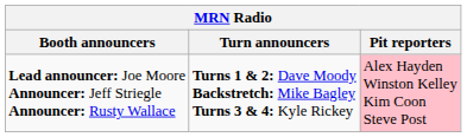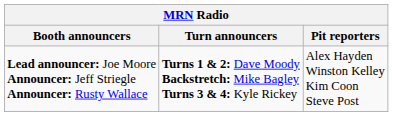 <table class="wikitable" style="font-size: 95%">
 <tr>
 <th colspan="3"><a href='#'>MRN</a> Radio</th>
 </tr>
 <tr>
 <th>Booth announcers</th>
 <th>Turn announcers</th>
 <th>Pit reporters</th>
 </tr>
 <tr>
 <td><strong>Lead announcer:</strong> Joe Moore<br><strong>Announcer:</strong> Jeff Striegle<br><strong>Announcer:</strong> <a href='#'>Rusty Wallace</a></td>
 <td><strong>Turns 1 & 2:</strong> <a href='#'>Dave Moody</a><br><strong>Backstretch:</strong> <a href='#'>Mike Bagley</a><br><strong>Turns 3 & 4:</strong> Kyle Rickey</td>
-<td style="background: pink;">Alex Hayden<br>Winston Kelley<br>Kim Coon<br>Steve Post</td>
+<td>Alex Hayden<br>Winston Kelley<br>Kim Coon<br>Steve Post</td>
 </tr>
 </table>
